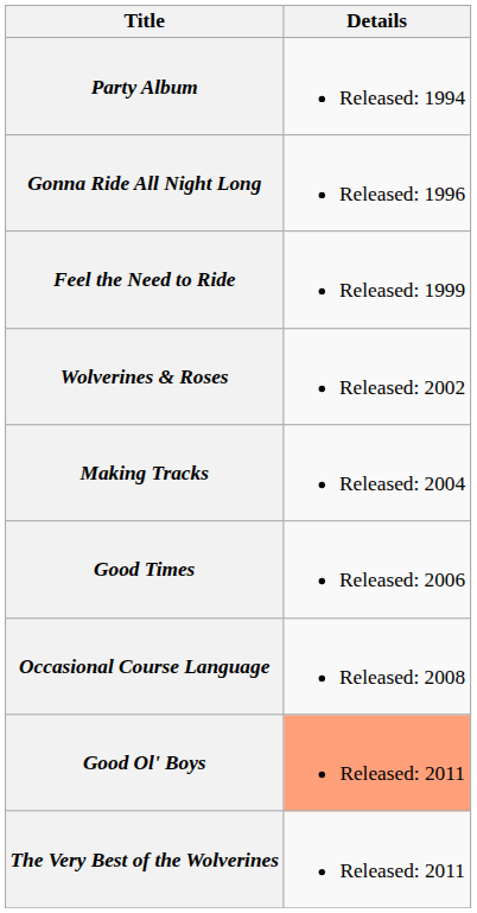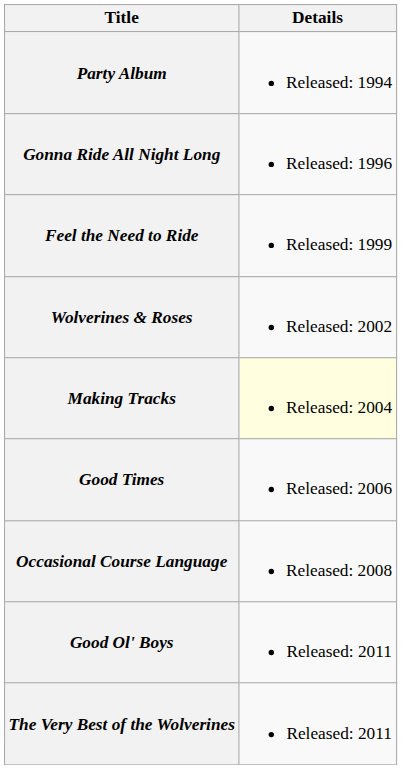 <table class="wikitable plainrowheaders" style="text-align:center;" border="1">
 <tr>
 <th scope="col">Title</th>
 <th scope="col">Details</th>
 </tr>
 <tr>
 <th scope="row"><em>Party Album</em></th>
 <td><br><ul><li>Released: 1994</li></ul></td>
 </tr>
 <tr>
 <th scope="row"><em>Gonna Ride All Night Long</em></th>
 <td><br><ul><li>Released: 1996</li></ul></td>
 </tr>
 <tr>
 <th scope="row"><em>Feel the Need to Ride </em></th>
 <td><br><ul><li>Released: 1999</li></ul></td>
 </tr>
 <tr>
 <th scope="row"><em>Wolverines & Roses</em></th>
 <td><br><ul><li>Released: 2002</li></ul></td>
 </tr>
 <tr>
 <th scope="row"><em>Making Tracks </em></th>
-<td><br><ul><li>Released: 2004</li></ul></td>
+<td style="background: lightyellow;"><br><ul><li>Released: 2004</li></ul></td>
 </tr>
 <tr>
 <th scope="row"><em>Good Times</em></th>
 <td><br><ul><li>Released: 2006</li></ul></td>
 </tr>
 <tr>
 <th scope="row"><em>Occasional Course Language </em></th>
 <td><br><ul><li>Released: 2008</li></ul></td>
 </tr>
 <tr>
 <th scope="row"><em>Good Ol' Boys </em></th>
-<td style="background: lightsalmon;"><br><ul><li>Released: 2011</li></ul></td>
+<td><br><ul><li>Released: 2011</li></ul></td>
 </tr>
 <tr>
 <th scope="row"><em>The Very Best of the Wolverines</em></th>
 <td><br><ul><li>Released: 2011</li></ul></td>
 </tr>
 </table>
